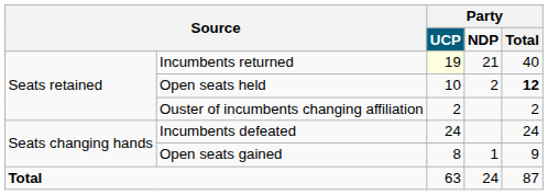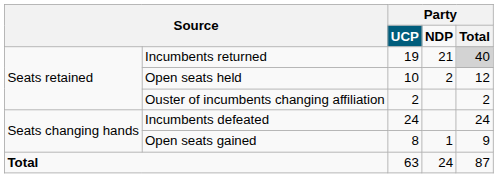 <table class="wikitable" style="text-align:right;">
 <tr>
 <th colspan="2" rowspan="2">Source</th>
 <th colspan="3">Party</th>
 </tr>
 <tr>
 <td style="background: #005d7c; color: white" align="center"><strong>UCP</strong></td>
 <td><strong>NDP</strong></td>
 <th>Total</th>
 </tr>
 <tr>
 <td rowspan="3" style="text-align:left;">Seats retained</td>
 <td style="text-align:left;">Incumbents returned</td>
-<td style="background: lightyellow;">19</td>
+<td>19</td>
 <td>21</td>
-<td>40</td>
+<td style="background: lightgrey;">40</td>
 </tr>
 <tr>
 <td style="text-align:left;">Open seats held</td>
 <td>10</td>
 <td>2</td>
-<td><strong>12</strong></td>
+<td>12</td>
 </tr>
 <tr>
 <td style="text-align:left;">Ouster of incumbents changing affiliation</td>
 <td>2</td>
 <td></td>
 <td>2</td>
 </tr>
 <tr>
 <td rowspan="2" style="text-align:left;">Seats changing hands</td>
 <td style="text-align:left;">Incumbents defeated</td>
 <td>24</td>
 <td></td>
 <td>24</td>
 </tr>
 <tr>
 <td style="text-align:left;">Open seats gained</td>
 <td>8</td>
 <td>1</td>
 <td>9</td>
 </tr>
 <tr>
 <td colspan="2" style="text-align:left;"><strong>Total</strong></td>
 <td>63</td>
 <td>24</td>
 <td>87</td>
 </tr>
 </table>
